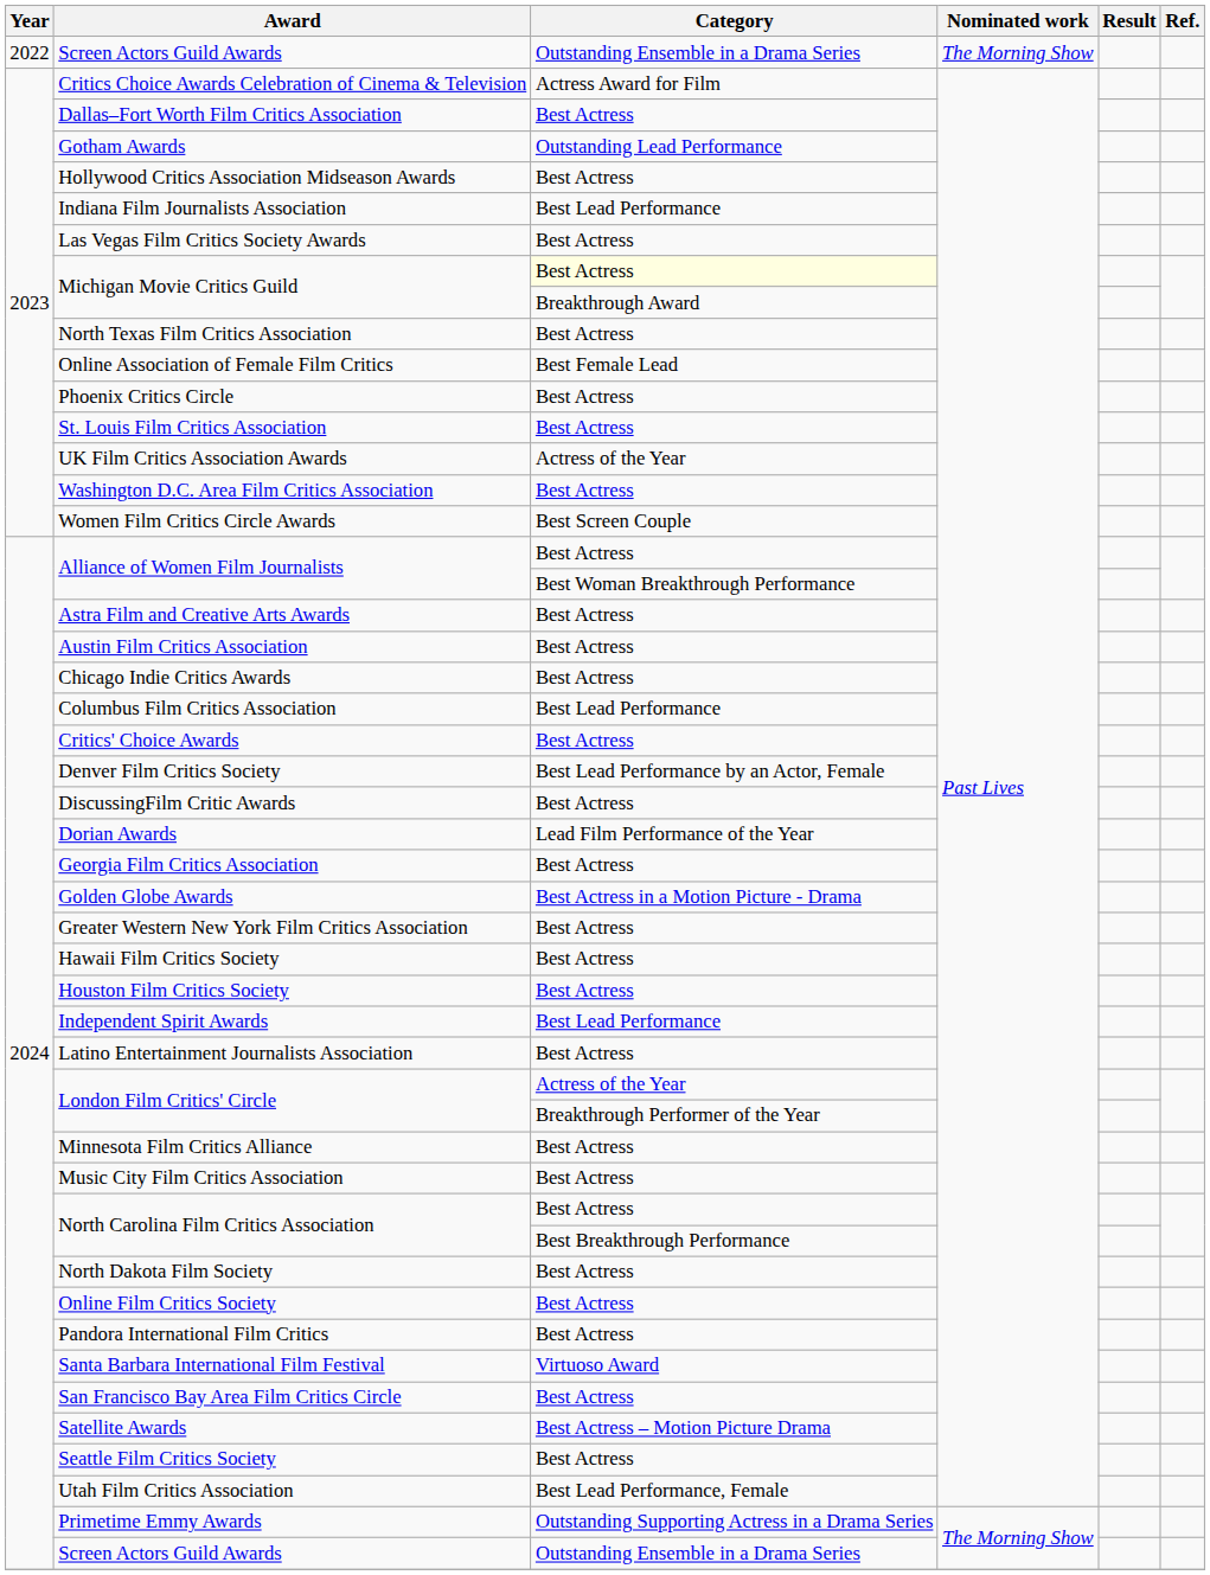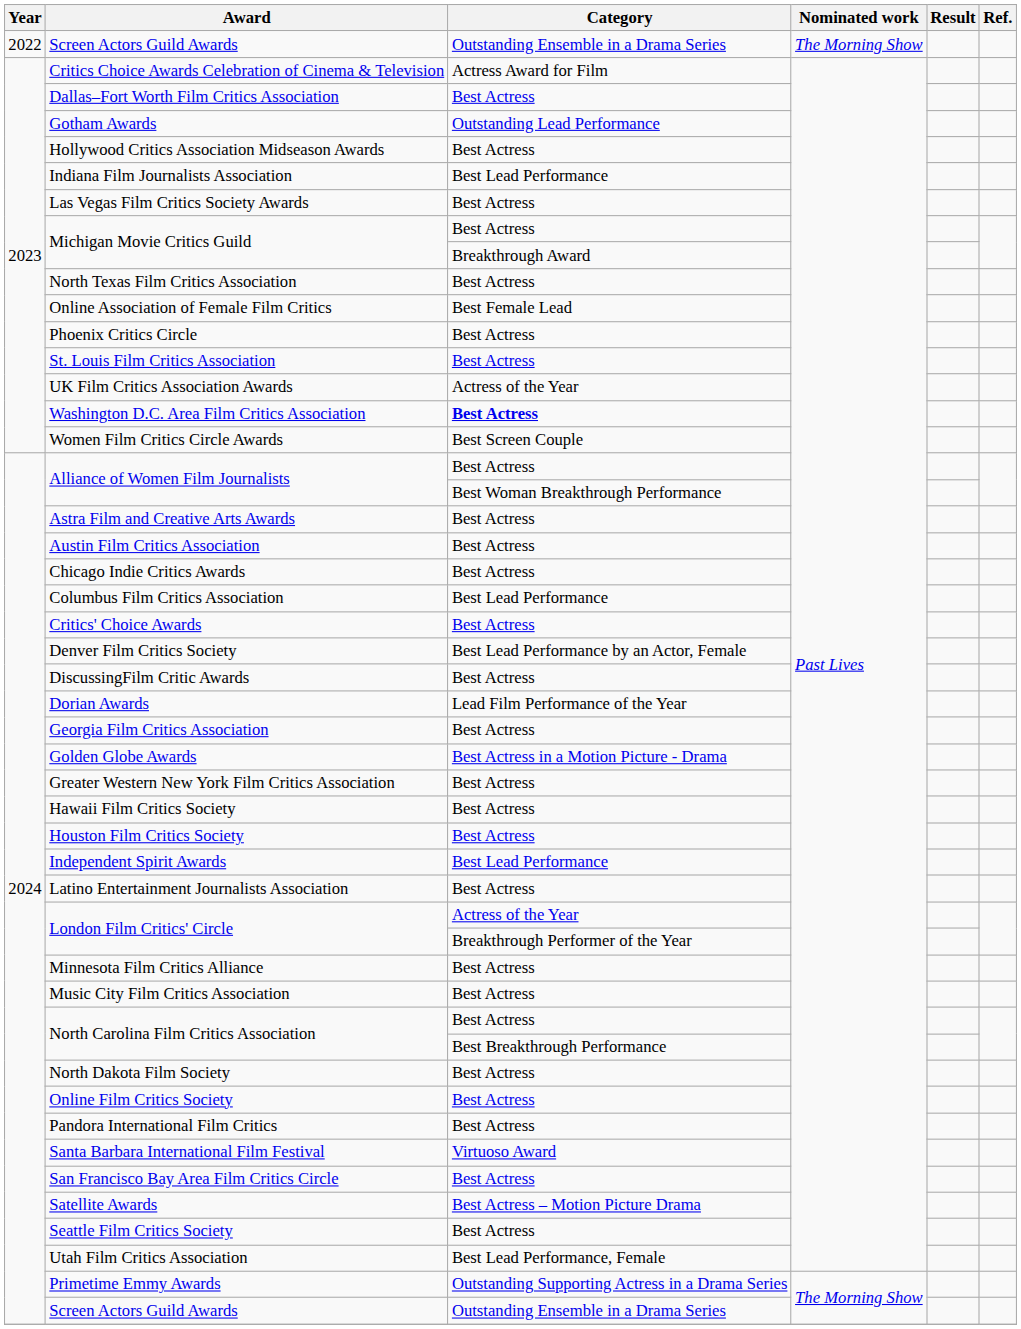 <table class="wikitable sortable">
 <tr>
 <th>Year</th>
 <th>Award</th>
 <th>Category</th>
 <th>Nominated work</th>
 <th>Result</th>
 <th>Ref.</th>
 </tr>
 <tr>
 <td>2022</td>
 <td><a href='#'>Screen Actors Guild Awards</a></td>
 <td><a href='#'>Outstanding Ensemble in a Drama Series</a></td>
 <td><em><a href='#'>The Morning Show</a></em></td>
 <td></td>
 <td align="center"></td>
 </tr>
 <tr>
 <td rowspan="15">2023</td>
 <td><a href='#'>Critics Choice Awards Celebration of Cinema & Television</a></td>
 <td>Actress Award for Film</td>
 <td rowspan="46"><em><a href='#'>Past Lives</a></em></td>
 <td></td>
 <td></td>
 </tr>
 <tr>
 <td><a href='#'>Dallas–Fort Worth Film Critics Association</a></td>
 <td><a href='#'>Best Actress</a></td>
 <td></td>
 <td align="center"></td>
 </tr>
 <tr>
 <td><a href='#'>Gotham Awards</a></td>
 <td><a href='#'>Outstanding Lead Performance</a></td>
 <td></td>
 <td align="center"></td>
 </tr>
 <tr>
 <td>Hollywood Critics Association Midseason Awards</td>
 <td>Best Actress</td>
 <td></td>
 <td></td>
 </tr>
 <tr>
 <td>Indiana Film Journalists Association</td>
 <td>Best Lead Performance</td>
 <td></td>
 <td></td>
 </tr>
 <tr>
 <td>Las Vegas Film Critics Society Awards</td>
 <td>Best Actress</td>
 <td></td>
 <td></td>
 </tr>
 <tr>
 <td rowspan=2>Michigan Movie Critics Guild</td>
-<td style="background: lightyellow;">Best Actress</td>
+<td>Best Actress</td>
 <td></td>
 <td rowspan=2 align="center"></td>
 </tr>
 <tr>
 <td>Breakthrough Award</td>
 <td></td>
 </tr>
 <tr>
 <td>North Texas Film Critics Association</td>
 <td>Best Actress</td>
 <td></td>
 <td align="center"></td>
 </tr>
 <tr>
 <td>Online Association of Female Film Critics</td>
 <td>Best Female Lead</td>
 <td></td>
 <td align="center"></td>
 </tr>
 <tr>
 <td>Phoenix Critics Circle</td>
 <td>Best Actress</td>
 <td></td>
 <td align="center"></td>
 </tr>
 <tr>
 <td><a href='#'>St. Louis Film Critics Association</a></td>
 <td><a href='#'>Best Actress</a></td>
 <td></td>
 <td align="center"></td>
 </tr>
 <tr>
 <td>UK Film Critics Association Awards</td>
 <td>Actress of the Year</td>
 <td></td>
 <td></td>
 </tr>
 <tr>
 <td><a href='#'>Washington D.C. Area Film Critics Association</a></td>
-<td><a href='#'>Best Actress</a></td>
+<td><strong><a href='#'>Best Actress</a></strong></td>
 <td></td>
 <td align="center"></td>
 </tr>
 <tr>
 <td>Women Film Critics Circle Awards</td>
 <td>Best Screen Couple</td>
 <td></td>
 <td></td>
 </tr>
 <tr>
 <td rowspan="33">2024</td>
 <td rowspan=2><a href='#'>Alliance of Women Film Journalists</a></td>
 <td>Best Actress</td>
 <td></td>
 <td align="center" rowspan=2></td>
 </tr>
 <tr>
 <td>Best Woman Breakthrough Performance</td>
 <td></td>
 </tr>
 <tr>
 <td><a href='#'>Astra Film and Creative Arts Awards</a></td>
 <td>Best Actress</td>
 <td></td>
 <td align="center"></td>
 </tr>
 <tr>
 <td><a href='#'>Austin Film Critics Association</a></td>
 <td>Best Actress</td>
 <td></td>
 <td align="center"></td>
 </tr>
 <tr>
 <td>Chicago Indie Critics Awards</td>
 <td>Best Actress</td>
 <td></td>
 <td></td>
 </tr>
 <tr>
 <td>Columbus Film Critics Association</td>
 <td>Best Lead Performance</td>
 <td></td>
 <td></td>
 </tr>
 <tr>
 <td><a href='#'>Critics' Choice Awards</a></td>
 <td><a href='#'>Best Actress</a></td>
 <td></td>
 <td align="center"></td>
 </tr>
 <tr>
 <td>Denver Film Critics Society</td>
 <td>Best Lead Performance by an Actor, Female</td>
 <td></td>
 <td align="center"></td>
 </tr>
 <tr>
 <td>DiscussingFilm Critic Awards</td>
 <td>Best Actress</td>
 <td></td>
 <td></td>
 </tr>
 <tr>
 <td><a href='#'>Dorian Awards</a></td>
 <td>Lead Film Performance of the Year</td>
 <td></td>
 <td></td>
 </tr>
 <tr>
 <td><a href='#'>Georgia Film Critics Association</a></td>
 <td>Best Actress</td>
 <td></td>
 <td align="center"></td>
 </tr>
 <tr>
 <td><a href='#'>Golden Globe Awards</a></td>
 <td><a href='#'>Best Actress in a Motion Picture - Drama</a></td>
 <td></td>
 <td align="center"></td>
 </tr>
 <tr>
 <td>Greater Western New York Film Critics Association</td>
 <td>Best Actress</td>
 <td></td>
 <td align="center"></td>
 </tr>
 <tr>
 <td>Hawaii Film Critics Society</td>
 <td>Best Actress</td>
 <td></td>
 <td align="center"></td>
 </tr>
 <tr>
 <td><a href='#'>Houston Film Critics Society</a></td>
 <td><a href='#'>Best Actress</a></td>
 <td></td>
 <td align="center"></td>
 </tr>
 <tr>
 <td><a href='#'>Independent Spirit Awards</a></td>
 <td><a href='#'>Best Lead Performance</a></td>
 <td></td>
 <td align="center"></td>
 </tr>
 <tr>
 <td>Latino Entertainment Journalists Association</td>
 <td>Best Actress</td>
 <td></td>
 <td></td>
 </tr>
 <tr>
 <td rowspan="2"><a href='#'>London Film Critics' Circle</a></td>
 <td><a href='#'>Actress of the Year</a></td>
 <td></td>
 <td rowspan=2 align="center"></td>
 </tr>
 <tr>
 <td>Breakthrough Performer of the Year</td>
 <td></td>
 </tr>
 <tr>
 <td>Minnesota Film Critics Alliance</td>
 <td>Best Actress</td>
 <td></td>
 <td></td>
 </tr>
 <tr>
 <td>Music City Film Critics Association</td>
 <td>Best Actress</td>
 <td></td>
 <td align="center"></td>
 </tr>
 <tr>
 <td rowspan=2>North Carolina Film Critics Association</td>
 <td>Best Actress</td>
 <td></td>
 <td rowspan=2 align="center"></td>
 </tr>
 <tr>
 <td>Best Breakthrough Performance</td>
 <td></td>
 </tr>
 <tr>
 <td>North Dakota Film Society</td>
 <td>Best Actress</td>
 <td></td>
 <td align="center"></td>
 </tr>
 <tr>
 <td><a href='#'>Online Film Critics Society</a></td>
 <td><a href='#'>Best Actress</a></td>
 <td></td>
 <td></td>
 </tr>
 <tr>
 <td>Pandora International Film Critics</td>
 <td>Best Actress</td>
 <td></td>
 <td></td>
 </tr>
 <tr>
 <td><a href='#'>Santa Barbara International Film Festival</a></td>
 <td><a href='#'>Virtuoso Award</a></td>
 <td></td>
 <td align="center"></td>
 </tr>
 <tr>
 <td><a href='#'>San Francisco Bay Area Film Critics Circle</a></td>
 <td><a href='#'>Best Actress</a></td>
 <td></td>
 <td align="center"></td>
 </tr>
 <tr>
 <td><a href='#'>Satellite Awards</a></td>
 <td><a href='#'>Best Actress – Motion Picture Drama</a></td>
 <td></td>
 <td align="center"></td>
 </tr>
 <tr>
 <td><a href='#'>Seattle Film Critics Society</a></td>
 <td>Best Actress</td>
 <td></td>
 <td align="center"></td>
 </tr>
 <tr>
 <td>Utah Film Critics Association</td>
 <td>Best Lead Performance, Female</td>
 <td></td>
 <td align="center"></td>
 </tr>
 <tr>
 <td><a href='#'>Primetime Emmy Awards</a></td>
 <td><a href='#'>Outstanding Supporting Actress in a Drama Series</a></td>
 <td rowspan="2"><em><a href='#'>The Morning Show</a></em></td>
 <td></td>
 <td align="center"></td>
 </tr>
 <tr>
 <td><a href='#'>Screen Actors Guild Awards</a></td>
 <td><a href='#'>Outstanding Ensemble in a Drama Series</a></td>
 <td></td>
 <td align="center"></td>
 </tr>
 <tr>
 </tr>
 </table>
